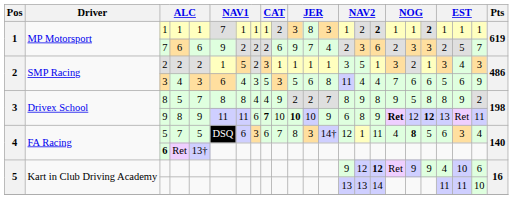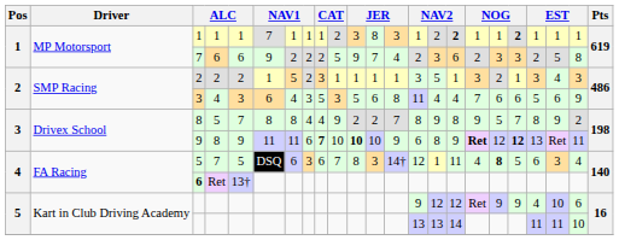 <table class="wikitable" style="font-size: 85%; text-align:center">
 <tr>
 <th>Pos</th>
 <th>Driver</th>
 <th colspan=3><a href='#'>ALC</a><br></th>
 <th colspan=3><a href='#'>NAV1</a><br></th>
 <th colspan=2><a href='#'>CAT</a><br></th>
 <th colspan=3><a href='#'>JER</a><br></th>
 <th colspan=3><a href='#'>NAV2</a><br></th>
 <th colspan=3><a href='#'>NOG</a><br></th>
 <th colspan=3><a href='#'>EST</a><br></th>
 <th>Pts</th>
 </tr>
 <tr>
 <th rowspan=2>1</th>
 <td style="text-align:left" rowspan=2> <a href='#'>MP Motorsport</a></td>
 <td style="background:#FFFFBF">1</td>
 <td style="background:#FFFFBF">1</td>
 <td style="background:#FFFFBF">1</td>
 <td style="background:#DFDFDF">7</td>
 <td style="background:#FFFFBF">1</td>
 <td style="background:#FFFFBF">1</td>
 <td style="background:#FFFFBF">1</td>
 <td style="background:#DFDFDF">2</td>
 <td style="background:#FFDF9F">3</td>
 <td style="background:#DFFFDF">8</td>
 <td style="background:#FFDF9F">3</td>
 <td style="background:#FFFFBF">1</td>
 <td style="background:#DFDFDF">2</td>
 <td style="background:#DFDFDF"><strong>2</strong></td>
 <td style="background:#FFFFBF">1</td>
 <td style="background:#FFFFBF">1</td>
 <td style="background:#DFDFDF"><strong>2</strong></td>
 <td style="background:#FFFFBF">1</td>
 <td style="background:#FFFFBF">1</td>
 <td style="background:#FFFFBF">1</td>
 <th rowspan=2>619</th>
 </tr>
 <tr>
 <td style="background:#DFFFDF">7</td>
 <td style="background:#FFDF9F">6</td>
 <td style="background:#DFFFDF">6</td>
 <td style="background:#DFFFDF">9</td>
 <td style="background:#DFDFDF">2</td>
 <td style="background:#DFDFDF">2</td>
 <td style="background:#DFDFDF">2</td>
-<td style="background:#DFFFDF">6</td>
+<td style="background:#DFFFDF">5</td>
 <td style="background:#DFFFDF">9</td>
 <td style="background:#DFFFDF">7</td>
 <td style="background:#DFFFDF">4</td>
 <td style="background:#DFDFDF">2</td>
 <td style="background:#FFDF9F">3</td>
 <td style="background:#FFDF9F">6</td>
 <td style="background:#DFDFDF">2</td>
 <td style="background:#FFDF9F">3</td>
 <td style="background:#FFDF9F">3</td>
 <td style="background:#DFDFDF">2</td>
 <td style="background:#DFDFDF">5</td>
-<td style="background:#DFFFDF">7</td>
+<td style="background:#DFFFDF">8</td>
 </tr>
 <tr>
 <th rowspan=2>2</th>
 <td style="text-align:left" rowspan=2> <a href='#'>SMP Racing</a></td>
 <td style="background:#DFDFDF">2</td>
 <td style="background:#DFDFDF">2</td>
 <td style="background:#DFDFDF">2</td>
 <td style="background:#FFFFBF">1</td>
 <td style="background:#FFDF9F">5</td>
 <td style="background:#DFDFDF">2</td>
 <td style="background:#FFDF9F">3</td>
 <td style="background:#FFFFBF">1</td>
 <td style="background:#FFFFBF">1</td>
 <td style="background:#FFFFBF">1</td>
 <td style="background:#FFFFBF">1</td>
 <td style="background:#DFFFDF">3</td>
 <td style="background:#DFFFDF">5</td>
 <td style="background:#FFFFBF">1</td>
 <td style="background:#FFDF9F">3</td>
 <td style="background:#DFDFDF">2</td>
 <td style="background:#FFFFBF">1</td>
 <td style="background:#FFDF9F">3</td>
 <td style="background:#DFFFDF">4</td>
 <td style="background:#FFDF9F">3</td>
 <th rowspan=2>486</th>
 </tr>
 <tr>
 <td style="background:#FFDF9F">3</td>
 <td style="background:#DFFFDF">4</td>
 <td style="background:#FFDF9F">3</td>
 <td style="background:#FFDF9F">6</td>
 <td style="background:#DFFFDF">4</td>
 <td style="background:#DFFFDF">3</td>
 <td style="background:#DFFFDF">5</td>
 <td style="background:#FFDF9F">3</td>
 <td style="background:#DFFFDF">5</td>
 <td style="background:#DFFFDF">6</td>
 <td style="background:#DFFFDF">8</td>
 <td style="background:#CFCFFF">11</td>
 <td style="background:#DFFFDF">4</td>
 <td style="background:#DFFFDF">4</td>
 <td style="background:#DFFFDF">7</td>
 <td style="background:#DFFFDF">6</td>
 <td style="background:#DFFFDF">6</td>
 <td style="background:#DFFFDF">5</td>
 <td style="background:#DFFFDF">6</td>
 <td style="background:#DFFFDF">9</td>
 </tr>
 <tr>
 <th rowspan=2>3</th>
 <td style="text-align:left" rowspan=2> <a href='#'>Drivex School</a></td>
 <td style="background:#DFFFDF">8</td>
 <td style="background:#DFFFDF">5</td>
 <td style="background:#DFFFDF">7</td>
 <td style="background:#DFFFDF">8</td>
 <td style="background:#DFFFDF">8</td>
 <td style="background:#DFFFDF">4</td>
 <td style="background:#DFFFDF">4</td>
 <td style="background:#DFFFDF">9</td>
 <td style="background:#DFDFDF">2</td>
 <td style="background:#DFDFDF">2</td>
 <td style="background:#DFDFDF">7</td>
 <td style="background:#DFFFDF">8</td>
 <td style="background:#DFFFDF">9</td>
 <td style="background:#DFFFDF">8</td>
 <td style="background:#DFFFDF">9</td>
 <td style="background:#DFFFDF">5</td>
-<td style="background:#DFFFDF">8</td>
+<td style="background:#DFFFDF">7</td>
 <td style="background:#DFFFDF">8</td>
 <td style="background:#DFFFDF">9</td>
 <td style="background:#DFDFDF">2</td>
 <th rowspan=2>198</th>
 </tr>
 <tr>
 <td style="background:#DFFFDF">9</td>
 <td style="background:#DFFFDF">8</td>
 <td style="background:#DFFFDF">9</td>
 <td style="background:#CFCFFF">11</td>
 <td style="background:#CFCFFF">11</td>
 <td style="background:#DFFFDF">6</td>
 <td style="background:#DFFFDF"><strong>7</strong></td>
 <td style="background:#DFFFDF">10</td>
 <td style="background:#DFFFDF"><strong>10</strong></td>
 <td style="background:#CFCFFF">10</td>
 <td style="background:#DFFFDF">9</td>
 <td style="background:#DFFFDF">6</td>
 <td style="background:#DFFFDF">8</td>
 <td style="background:#DFFFDF">9</td>
 <td style="background:#EFCFFF"><strong>Ret</strong></td>
 <td style="background:#CFCFFF">12</td>
 <td style="background:#CFCFFF"><strong>12</strong></td>
 <td style="background:#CFCFFF">13</td>
 <td style="background:#EFCFFF">Ret</td>
 <td style="background:#CFCFFF">11</td>
 </tr>
 <tr>
 <th rowspan=2>4</th>
 <td style="text-align:left" rowspan=2> <a href='#'>FA Racing</a></td>
 <td style="background:#DFFFDF">5</td>
 <td style="background:#DFFFDF">7</td>
 <td style="background:#DFFFDF">5</td>
 <td style="background-color:#000000;color:white">DSQ</td>
 <td style="background:#CFCFFF">6</td>
 <td style="background:#FFDF9F">3</td>
 <td style="background:#DFFFDF">6</td>
 <td style="background:#DFFFDF">7</td>
 <td style="background:#DFFFDF">8</td>
 <td style="background:#FFDF9F">3</td>
 <td style="background:#CFCFFF">14†</td>
 <td style="background:#DFFFDF">12</td>
 <td style="background:#FFFFBF">1</td>
 <td style="background:#DFFFDF">11</td>
 <td style="background:#DFFFDF">4</td>
 <td style="background:#DFFFDF"><strong>8</strong></td>
 <td style="background:#DFFFDF">5</td>
 <td style="background:#DFFFDF">6</td>
 <td style="background:#FFDF9F">3</td>
 <td style="background:#DFFFDF">4</td>
 <th rowspan=2>140</th>
 </tr>
 <tr>
 <td style="background:#DFFFDF"><strong>6</strong></td>
 <td style="background:#EFCFFF">Ret</td>
 <td style="background:#CFCFFF">13†</td>
 <td></td>
 <td></td>
 <td></td>
 <td></td>
 <td></td>
 <td></td>
 <td></td>
 <td></td>
 <td></td>
 <td></td>
 <td></td>
 <td></td>
 <td></td>
 <td></td>
 <td></td>
 <td></td>
 <td></td>
 </tr>
 <tr>
 <th rowspan=2>5</th>
 <td style="text-align:left" rowspan=2 nowrap> Kart in Club Driving Academy</td>
 <td></td>
 <td></td>
 <td></td>
 <td></td>
 <td></td>
 <td></td>
 <td></td>
 <td></td>
 <td></td>
 <td></td>
 <td></td>
 <td style="background:#DFFFDF">9</td>
 <td style="background:#CFCFFF">12</td>
-<td style="background:#CFCFFF"><strong>12</strong></td>
+<td style="background:#CFCFFF">12</td>
 <td style="background:#EFCFFF">Ret</td>
 <td style="background:#CFCFFF">9</td>
 <td style="background:#DFFFDF">9</td>
 <td style="background:#DFFFDF">4</td>
 <td style="background:#CFCFFF">10</td>
 <td style="background:#DFFFDF">6</td>
 <th rowspan=2>16</th>
 </tr>
 <tr>
 <td></td>
 <td></td>
 <td></td>
 <td></td>
 <td></td>
 <td></td>
 <td></td>
 <td></td>
 <td></td>
 <td></td>
 <td></td>
 <td style="background:#CFCFFF">13</td>
 <td style="background:#CFCFFF">13</td>
 <td style="background:#CFCFFF">14</td>
 <td></td>
 <td></td>
 <td></td>
 <td style="background:#CFCFFF">11</td>
 <td style="background:#CFCFFF">11</td>
 <td style="background:#DFFFDF">10</td>
 </tr>
 <tr>
 </tr>
 </table>
